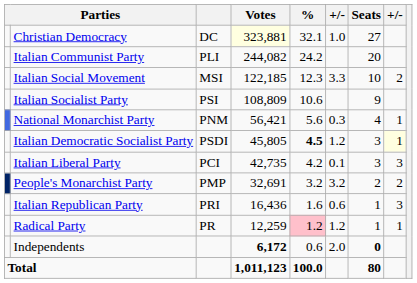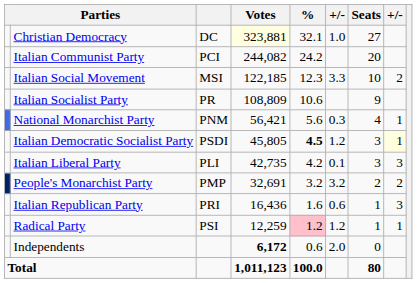 <table class="wikitable">
 <tr>
 <th colspan="2">Parties</th>
 <th></th>
 <th>Votes</th>
 <th>%</th>
 <th>+/-</th>
 <th>Seats</th>
 <th>+/-</th>
 <th rowspan="13"></th>
 </tr>
 <tr>
 <td style="background-color:"></td>
 <td><a href='#'>Christian Democracy</a></td>
 <td>DC</td>
 <td align=right style="background: lightyellow;">323,881</td>
 <td align=right>32.1</td>
 <td align=right> 1.0</td>
 <td align=right>27</td>
 <td align=right></td>
 </tr>
 <tr>
 <td style="background-color:"></td>
 <td><a href='#'>Italian Communist Party</a></td>
-<td>PLI</td>
+<td>PCI</td>
 <td align=right>244,082</td>
 <td align=right>24.2</td>
 <td align=right></td>
 <td align=right>20</td>
 <td align=right></td>
 </tr>
 <tr>
 <td style="background-color:"></td>
 <td><a href='#'>Italian Social Movement</a></td>
 <td>MSI</td>
 <td align=right>122,185</td>
 <td align=right>12.3</td>
 <td align=right> 3.3</td>
 <td align=right>10</td>
 <td align=right> 2</td>
 </tr>
 <tr>
 <td style="background-color:"></td>
 <td><a href='#'>Italian Socialist Party</a></td>
-<td>PSI</td>
+<td>PR</td>
 <td align=right>108,809</td>
 <td align=right>10.6</td>
 <td align=right></td>
 <td align=right>9</td>
 <td align=right></td>
 </tr>
 <tr>
 <td style="background-color:royalblue"></td>
 <td><a href='#'>National Monarchist Party</a></td>
 <td>PNM</td>
 <td align=right>56,421</td>
 <td align=right>5.6</td>
 <td align=right> 0.3</td>
 <td align=right>4</td>
 <td align=right> 1</td>
 </tr>
 <tr>
 <td style="background-color:"></td>
 <td><a href='#'>Italian Democratic Socialist Party</a></td>
 <td>PSDI</td>
 <td align=right>45,805</td>
 <td align=right><strong>4.5</strong></td>
 <td align=right> 1.2</td>
 <td align=right>3</td>
 <td align=right style="background: lightyellow;"> 1</td>
 </tr>
 <tr>
 <td style="background-color:"></td>
 <td><a href='#'>Italian Liberal Party</a></td>
-<td>PCI</td>
+<td>PLI</td>
 <td align=right>42,735</td>
 <td align=right>4.2</td>
 <td align=right> 0.1</td>
 <td align=right>3</td>
 <td align=right> 3</td>
 </tr>
 <tr>
 <td style="background-color:#002366"></td>
 <td><a href='#'>People's Monarchist Party</a></td>
 <td>PMP</td>
 <td align=right>32,691</td>
 <td align=right>3.2</td>
 <td align=right> 3.2</td>
 <td align=right>2</td>
 <td align=right> 2</td>
 </tr>
 <tr>
 <td style="background-color:"></td>
 <td><a href='#'>Italian Republican Party</a></td>
 <td>PRI</td>
 <td align=right>16,436</td>
 <td align=right>1.6</td>
 <td align=right> 0.6</td>
 <td align=right>1</td>
 <td align=right> 3</td>
 </tr>
 <tr>
 <td style="background-color:"></td>
 <td><a href='#'>Radical Party</a></td>
-<td>PR</td>
+<td>PSI</td>
 <td align=right>12,259</td>
 <td align=right style="background: pink;">1.2</td>
 <td align=right> 1.2</td>
 <td align=right>1</td>
 <td align=right> 1</td>
 </tr>
 <tr>
 <td style="background-color:"></td>
 <td>Independents</td>
 <td></td>
 <td align=right><strong>6,172</strong></td>
 <td align=right>0.6</td>
 <td align=right> 2.0</td>
-<td align=right><strong>0</strong></td>
+<td align=right>0</td>
 <td align=right></td>
 </tr>
 <tr>
 <td colspan="2"><strong>Total</strong></td>
 <td></td>
 <td align=right><strong>1,011,123</strong></td>
 <td align=right><strong>100.0</strong></td>
 <td></td>
 <td align=right><strong>80</strong></td>
 <td></td>
 </tr>
 </table>
